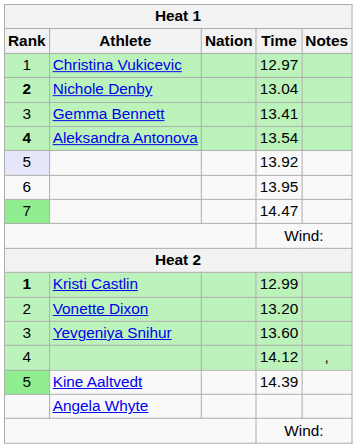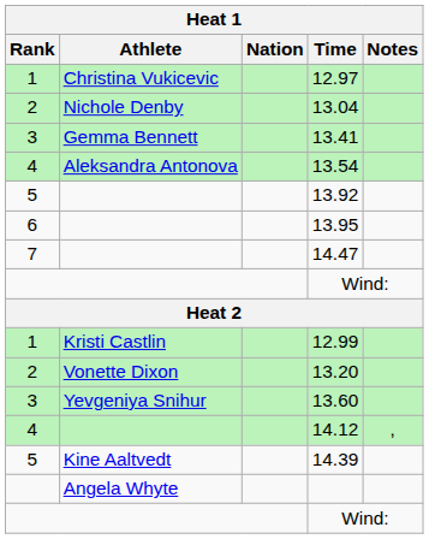 <table class="wikitable" style="text-align:center;">
 <tr>
 <th colspan="5" align="center">Heat 1</th>
 </tr>
 <tr>
 <th scope="col" style="width: 10px;">Rank</th>
 <th scope="col">Athlete</th>
 <th scope="col">Nation</th>
 <th scope="col">Time</th>
 <th scope="col">Notes</th>
 </tr>
 <tr bgcolor=bbf3bb>
 <td>1</td>
 <td align=left><a href='#'>Christina Vukicevic</a></td>
 <td align=left></td>
 <td>12.97</td>
 <td></td>
 </tr>
 <tr bgcolor=bbf3bb>
-<td><strong>2</strong></td>
+<td>2</td>
 <td align=left><a href='#'>Nichole Denby</a></td>
 <td align=left></td>
 <td>13.04</td>
 <td></td>
 </tr>
 <tr bgcolor=bbf3bb>
 <td>3</td>
 <td align=left><a href='#'>Gemma Bennett</a></td>
 <td align=left></td>
 <td>13.41</td>
 <td></td>
 </tr>
 <tr bgcolor=bbf3bb>
-<td><strong>4</strong></td>
+<td>4</td>
 <td align=left><a href='#'>Aleksandra Antonova</a></td>
 <td align=left></td>
 <td>13.54</td>
 <td></td>
 </tr>
 <tr>
-<td style="background: lavender;">5</td>
+<td>5</td>
 <td align=left></td>
 <td align=left></td>
 <td>13.92</td>
 <td></td>
 </tr>
 <tr>
 <td>6</td>
 <td align=left></td>
 <td align=left></td>
 <td>13.95</td>
 <td></td>
 </tr>
 <tr>
-<td style="background: lightgreen;">7</td>
+<td>7</td>
 <td align=left></td>
 <td align=left></td>
 <td>14.47</td>
 <td></td>
 </tr>
 <tr>
 <td colspan="3"></td>
 <td colspan="2">Wind: </td>
 </tr>
 <tr>
 <th align=center colspan=5>Heat 2</th>
 </tr>
 <tr bgcolor=bbf3bb>
-<td><strong>1</strong></td>
+<td>1</td>
 <td align=left><a href='#'>Kristi Castlin</a></td>
 <td align=left></td>
 <td>12.99</td>
 <td></td>
 </tr>
 <tr bgcolor=bbf3bb>
 <td>2</td>
 <td align=left><a href='#'>Vonette Dixon</a></td>
 <td align=left></td>
 <td>13.20</td>
 <td></td>
 </tr>
 <tr bgcolor=bbf3bb>
 <td>3</td>
 <td align=left><a href='#'>Yevgeniya Snihur</a></td>
 <td align=left></td>
 <td>13.60</td>
 <td></td>
 </tr>
 <tr bgcolor=bbf3bb>
 <td>4</td>
 <td align=left></td>
 <td align=left></td>
 <td>14.12</td>
 <td>, </td>
 </tr>
 <tr>
-<td style="background: lightgreen;">5</td>
+<td>5</td>
 <td align=left><a href='#'>Kine Aaltvedt</a></td>
 <td align=left></td>
 <td>14.39</td>
 <td></td>
 </tr>
 <tr>
 <td></td>
 <td align=left><a href='#'>Angela Whyte</a></td>
 <td align=left></td>
 <td></td>
 <td></td>
 </tr>
 <tr class="sortbottom">
 <td colspan="3"></td>
 <td colspan="2">Wind: </td>
 </tr>
 </table>
